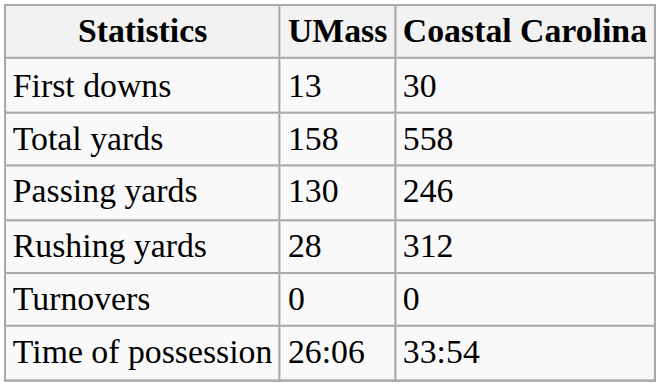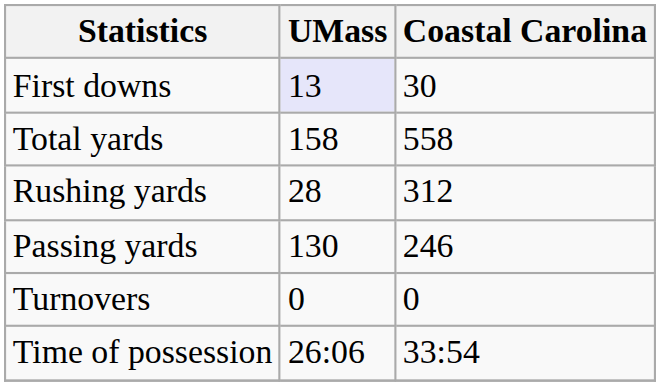 <table class="wikitable">
 <tr>
 <th>Statistics</th>
 <th>UMass</th>
 <th>Coastal Carolina</th>
 </tr>
 <tr>
 <td>First downs</td>
-<td>13</td>
+<td style="background: lavender;">13</td>
 <td>30</td>
 </tr>
 <tr>
 <td>Total yards</td>
 <td>158</td>
 <td>558</td>
 </tr>
 <tr>
+<td>Rushing yards</td>
+<td>28</td>
+<td>312</td>
+</tr>
+<tr>
 <td>Passing yards</td>
 <td>130</td>
 <td>246</td>
-</tr>
-<tr>
-<td>Rushing yards</td>
-<td>28</td>
-<td>312</td>
 </tr>
 <tr>
 <td>Turnovers</td>
 <td>0</td>
 <td>0</td>
 </tr>
 <tr>
 <td>Time of possession</td>
 <td>26:06</td>
 <td>33:54</td>
 </tr>
 <tr>
 </tr>
 </table>
